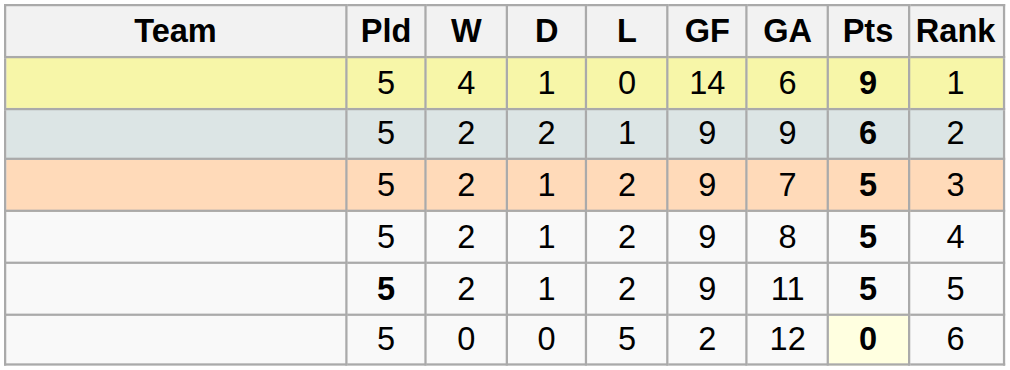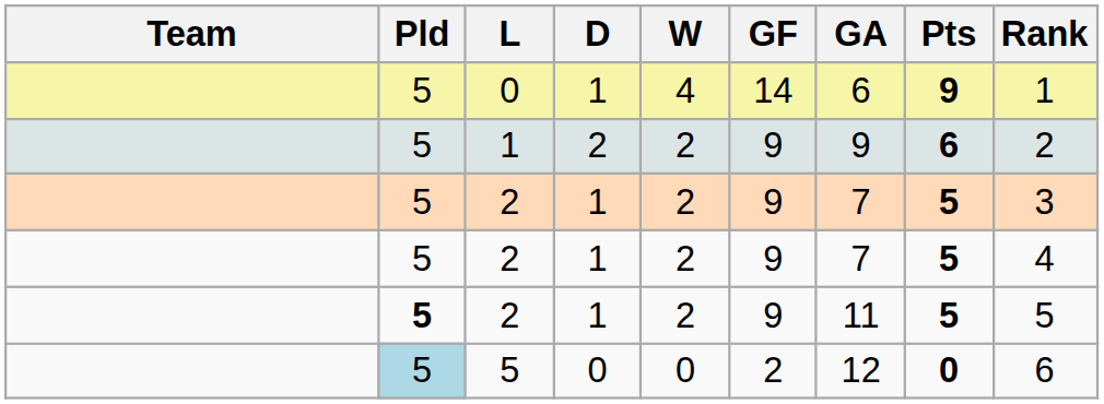 <table class="wikitable" style="text-align:center; font-size:90%">
 <tr>
 <th style="width:10em">Team</th>
 <th style="width:2em">Pld</th>
+<th style="width:2em">L</th>
+<th style="width:2em">D</th>
 <th style="width:2em">W</th>
-<th style="width:2em">D</th>
-<th style="width:2em">L</th>
 <th style="width:2em">GF</th>
 <th style="width:2em">GA</th>
 <th style="width:2em">Pts</th>
 <th style="width:2em">Rank</th>
 </tr>
 <tr style="background:#f7f6a8;">
 <td align=left></td>
 <td>5</td>
+<td>0</td>
+<td>1</td>
 <td>4</td>
-<td>1</td>
-<td>0</td>
 <td>14</td>
 <td>6</td>
 <td><strong>9</strong></td>
 <td>1</td>
 </tr>
 <tr style="background:#dce5e5;">
 <td align=left></td>
 <td>5</td>
+<td>1</td>
 <td>2</td>
 <td>2</td>
-<td>1</td>
 <td>9</td>
 <td>9</td>
 <td><strong>6</strong></td>
 <td>2</td>
 </tr>
 <tr style="background:#ffdab9;">
 <td align=left></td>
 <td>5</td>
 <td>2</td>
 <td>1</td>
 <td>2</td>
 <td>9</td>
 <td>7</td>
 <td><strong>5</strong></td>
 <td>3</td>
 </tr>
 <tr>
 <td align=left></td>
 <td>5</td>
 <td>2</td>
 <td>1</td>
 <td>2</td>
 <td>9</td>
-<td>8</td>
+<td>7</td>
 <td><strong>5</strong></td>
 <td>4</td>
 </tr>
 <tr>
 <td align=left></td>
 <td><strong>5</strong></td>
 <td>2</td>
 <td>1</td>
 <td>2</td>
 <td>9</td>
 <td>11</td>
 <td><strong>5</strong></td>
 <td>5</td>
 </tr>
 <tr>
 <td align=left></td>
+<td style="background: lightblue;">5</td>
 <td>5</td>
 <td>0</td>
 <td>0</td>
-<td>5</td>
 <td>2</td>
 <td>12</td>
-<td style="background: lightyellow;"><strong>0</strong></td>
+<td><strong>0</strong></td>
 <td>6</td>
 </tr>
 </table>
